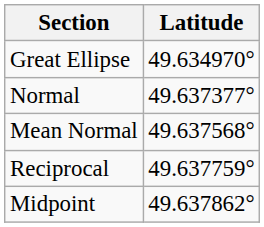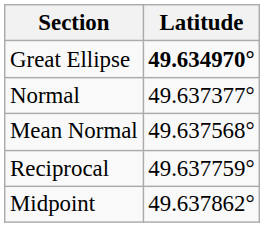 <table class=wikitable>
 <tr>
 <th>Section</th>
 <th>Latitude</th>
 </tr>
 <tr>
 <td>Great Ellipse</td>
-<td>49.634970°</td>
+<td><strong>49.634970°</strong></td>
 </tr>
 <tr>
 <td>Normal</td>
 <td>49.637377°</td>
 </tr>
 <tr>
 <td>Mean Normal</td>
 <td>49.637568°</td>
 </tr>
 <tr>
 <td>Reciprocal</td>
 <td>49.637759°</td>
 </tr>
 <tr>
 <td>Midpoint</td>
 <td>49.637862°</td>
 </tr>
 </table>
